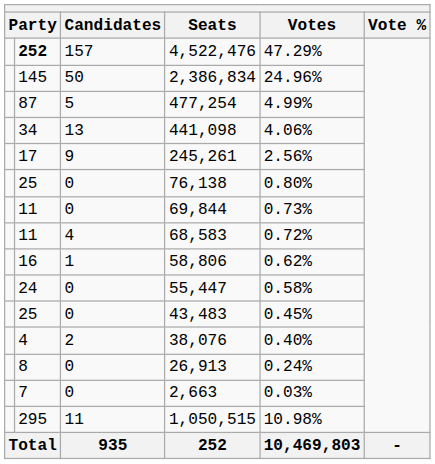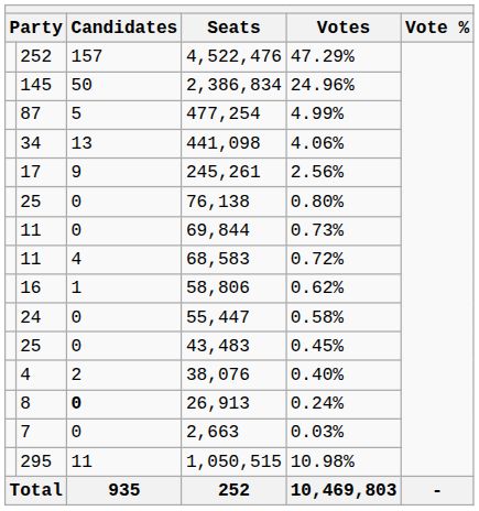 <table class="wikitable sortable">
 <tr>
 <th colspan=10></th>
 </tr>
 <tr>
 <th colspan=2>Party</th>
 <th>Candidates</th>
 <th>Seats</th>
 <th>Votes</th>
 <th>Vote %</th>
 </tr>
 <tr>
 <td></td>
-<td><strong>252</strong></td>
+<td>252</td>
 <td>157</td>
 <td>4,522,476</td>
 <td>47.29%</td>
 </tr>
 <tr>
 <td></td>
 <td>145</td>
 <td>50</td>
 <td>2,386,834</td>
 <td>24.96%</td>
 </tr>
 <tr>
 <td></td>
 <td>87</td>
 <td>5</td>
 <td>477,254</td>
 <td>4.99%</td>
 </tr>
 <tr>
 <td></td>
 <td>34</td>
 <td>13</td>
 <td>441,098</td>
 <td>4.06%</td>
 </tr>
 <tr>
 <td></td>
 <td>17</td>
 <td>9</td>
 <td>245,261</td>
 <td>2.56%</td>
 </tr>
 <tr>
 <td></td>
 <td>25</td>
 <td>0</td>
 <td>76,138</td>
 <td>0.80%</td>
 </tr>
 <tr>
 <td></td>
 <td>11</td>
 <td>0</td>
 <td>69,844</td>
 <td>0.73%</td>
 </tr>
 <tr>
 <td></td>
 <td>11</td>
 <td>4</td>
 <td>68,583</td>
 <td>0.72%</td>
 </tr>
 <tr>
 <td></td>
 <td>16</td>
 <td>1</td>
 <td>58,806</td>
 <td>0.62%</td>
 </tr>
 <tr>
 <td></td>
 <td>24</td>
 <td>0</td>
 <td>55,447</td>
 <td>0.58%</td>
 </tr>
 <tr>
 <td></td>
 <td>25</td>
 <td>0</td>
 <td>43,483</td>
 <td>0.45%</td>
 </tr>
 <tr>
 <td></td>
 <td>4</td>
 <td>2</td>
 <td>38,076</td>
 <td>0.40%</td>
 </tr>
 <tr>
 <td></td>
 <td>8</td>
-<td>0</td>
+<td><strong>0</strong></td>
 <td>26,913</td>
 <td>0.24%</td>
 </tr>
 <tr>
 <td></td>
 <td>7</td>
 <td>0</td>
 <td>2,663</td>
 <td>0.03%</td>
 </tr>
 <tr>
 <td></td>
 <td>295</td>
 <td>11</td>
 <td>1,050,515</td>
 <td>10.98%</td>
 </tr>
 <tr style="sortbottom">
 <th colspan=2>Total</th>
 <th>935</th>
 <th>252</th>
 <th>10,469,803</th>
 <th>-</th>
 </tr>
 </table>
